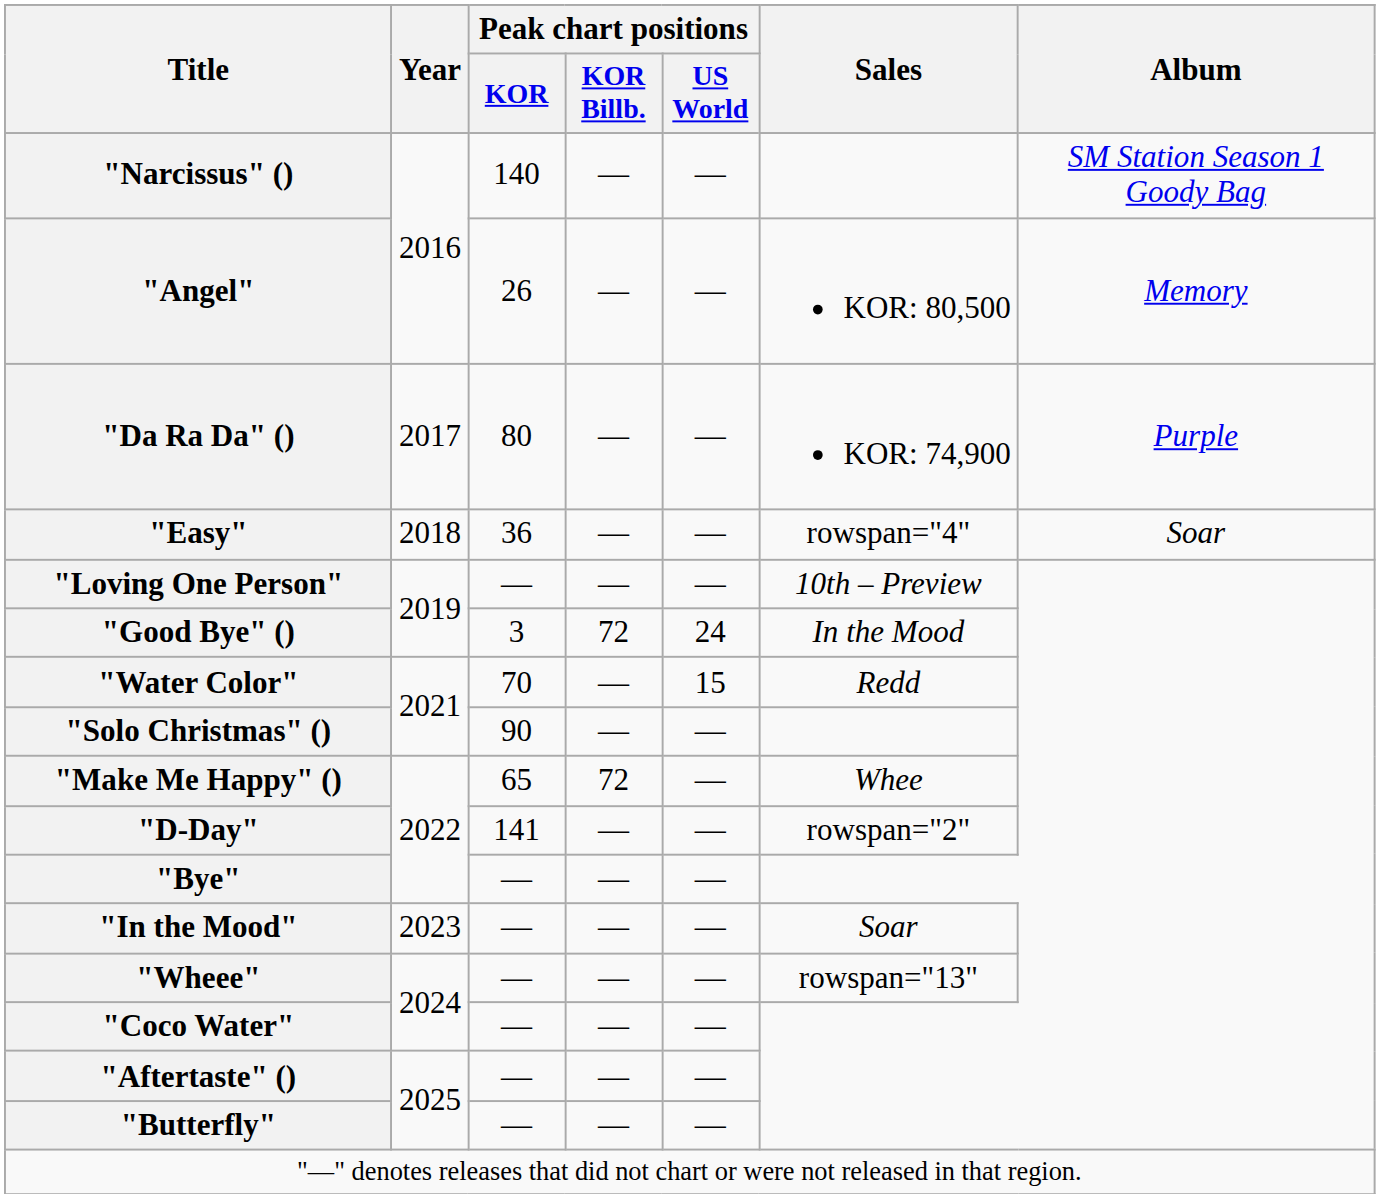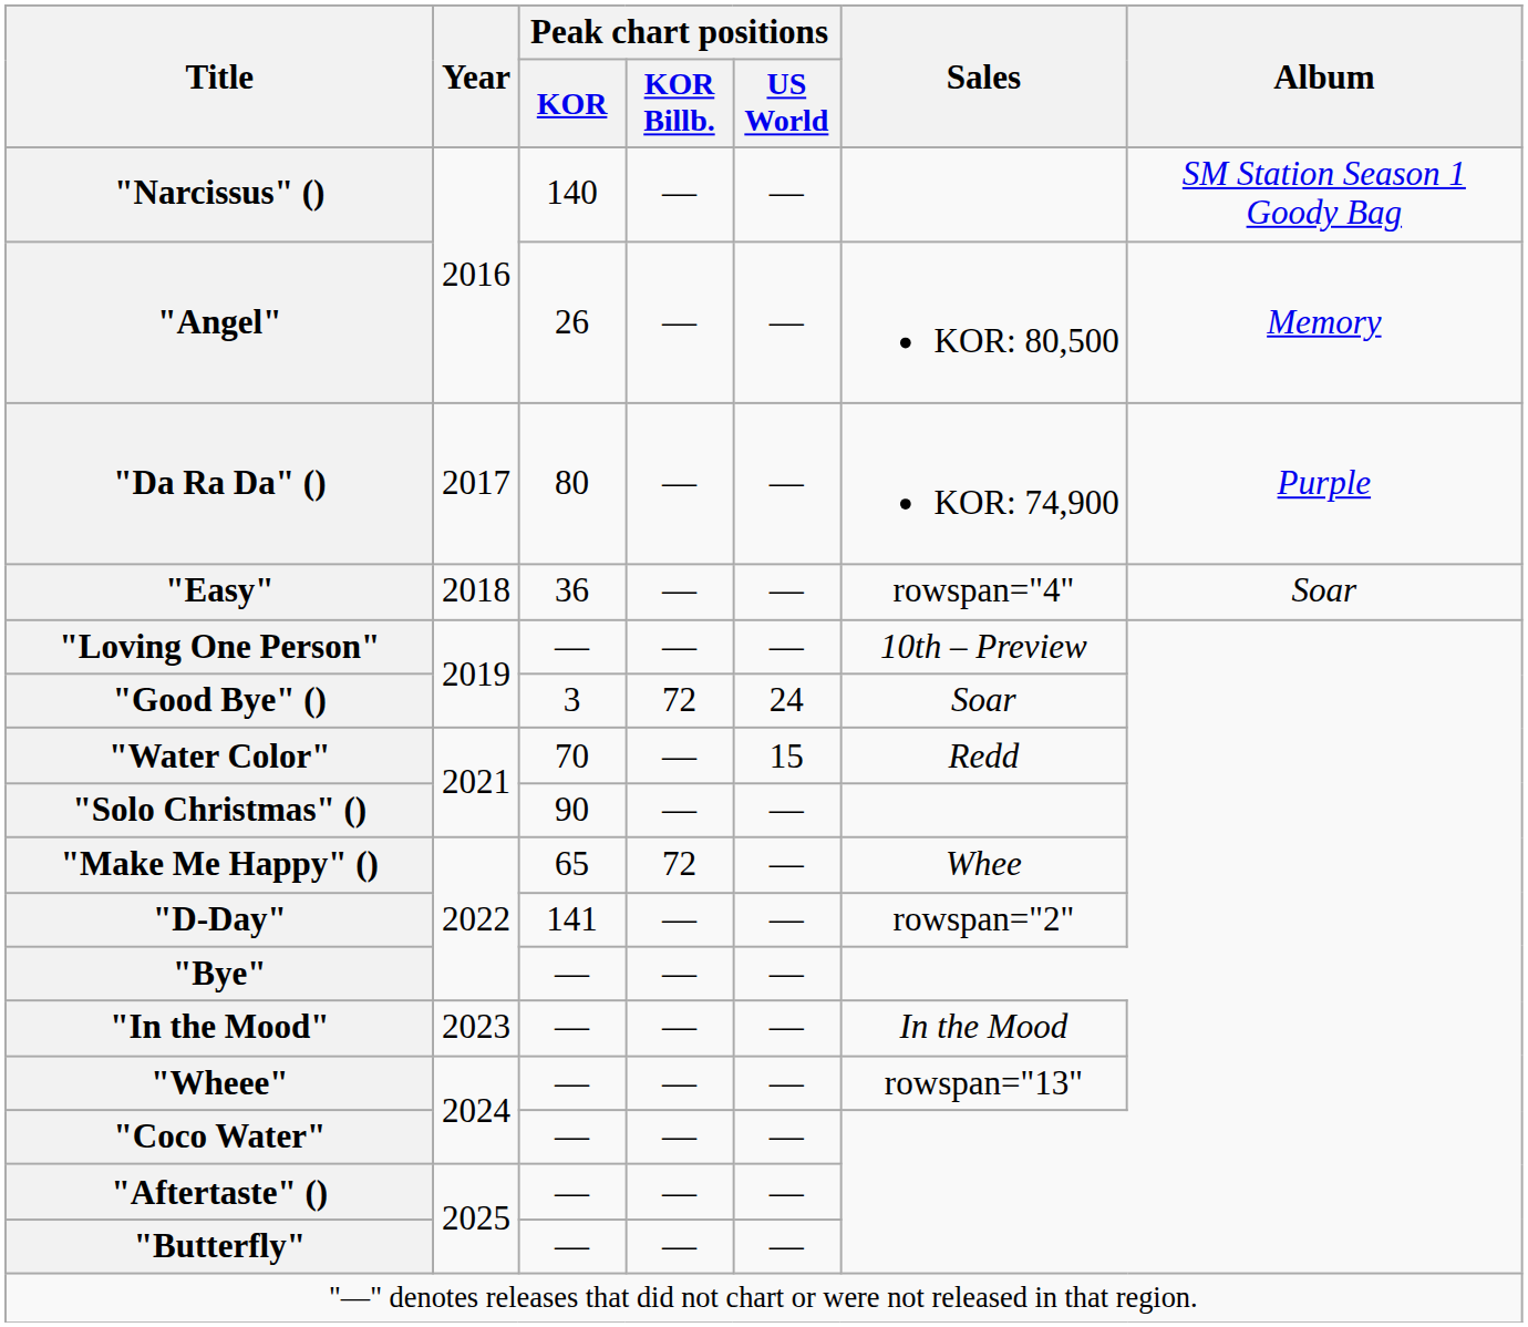 <table class="wikitable plainrowheaders" style="text-align:center">
 <tr>
 <th scope="col" rowspan="2" style="width:12em">Title</th>
 <th scope="col" rowspan="2">Year</th>
 <th scope="col" colspan="3" style="width:5em">Peak chart positions</th>
 <th rowspan="2">Sales</th>
 <th scope="col" rowspan="2" style="width:11em">Album</th>
 </tr>
 <tr>
 <th scope="col" style="width:3em;font-size:90%"><a href='#'>KOR</a><br></th>
 <th scope="col" style="width:3em;font-size:90%"><a href='#'>KOR<br>Billb.</a><br></th>
 <th scope="col" style="width:3em;font-size:90%"><a href='#'>US World</a><br></th>
 </tr>
 <tr>
 <th scope="row">"Narcissus" () </th>
 <td rowspan="2">2016</td>
 <td>140</td>
 <td>—</td>
 <td>—</td>
 <td></td>
 <td><em><a href='#'>SM Station Season 1</a></em><br> <em><a href='#'>Goody Bag</a></em></td>
 </tr>
 <tr>
 <th scope="row">"Angel" </th>
 <td>26</td>
 <td>—</td>
 <td>—</td>
 <td><br><ul><li>KOR: 80,500</li></ul></td>
 <td><em><a href='#'>Memory</a></em></td>
 </tr>
 <tr>
 <th scope="row">"Da Ra Da" () </th>
 <td>2017</td>
 <td>80</td>
 <td>—</td>
 <td>—</td>
 <td><br><ul><li>KOR: 74,900</li></ul></td>
 <td><em><a href='#'>Purple</a></em></td>
 </tr>
 <tr>
 <th scope="row">"Easy" </th>
 <td>2018</td>
 <td>36</td>
 <td>—</td>
 <td>—</td>
 <td>rowspan="4" </td>
 <td><em>Soar</em></td>
 </tr>
 <tr>
 <th scope="row">"Loving One Person" </th>
 <td rowspan="2">2019</td>
 <td>—</td>
 <td>—</td>
 <td>—</td>
 <td><em>10th – Preview</em></td>
 </tr>
 <tr>
 <th scope="row">"Good Bye" ()</th>
 <td>3</td>
 <td>72</td>
 <td>24</td>
-<td><em>In the Mood</em></td>
+<td><em>Soar</em></td>
 </tr>
 <tr>
 <th scope="row">"Water Color"</th>
 <td rowspan="2">2021</td>
 <td>70</td>
 <td>—</td>
 <td>15</td>
 <td><em>Redd</em></td>
 </tr>
 <tr>
 <th scope="row">"Solo Christmas" () </th>
 <td>90</td>
 <td>—</td>
 <td>—</td>
 <td></td>
 </tr>
 <tr>
 <th scope="row">"Make Me Happy" ()</th>
 <td rowspan="3">2022</td>
 <td>65</td>
 <td>72</td>
 <td>—</td>
 <td><em>Whee</em></td>
 </tr>
 <tr>
 <th scope="row">"D-Day"</th>
 <td>141</td>
 <td>—</td>
 <td>—</td>
 <td>rowspan="2" </td>
 </tr>
 <tr>
 <th scope="row">"Bye" </th>
 <td>—</td>
 <td>—</td>
 <td>—</td>
 </tr>
 <tr>
 <th scope="row">"In the Mood"</th>
 <td>2023</td>
 <td>—</td>
 <td>—</td>
 <td>—</td>
-<td><em>Soar</em></td>
+<td><em>In the Mood</em></td>
 </tr>
 <tr>
 <th scope="row">"Wheee"</th>
 <td rowspan="2">2024</td>
 <td>—</td>
 <td>—</td>
 <td>—</td>
 <td>rowspan="13" </td>
 </tr>
 <tr>
 <th scope="row">"Coco Water"</th>
 <td>—</td>
 <td>—</td>
 <td>—</td>
 </tr>
 <tr>
 <th scope="row">"Aftertaste" ()</th>
 <td rowspan="2">2025</td>
 <td>—</td>
 <td>—</td>
 <td>—</td>
 </tr>
 <tr>
 <th scope="row">"Butterfly" </th>
 <td>—</td>
 <td>—</td>
 <td>—</td>
 </tr>
 <tr>
 <td colspan="7" style="font-size:85%">"—" denotes releases that did not chart or were not released in that region.</td>
 </tr>
 </table>
